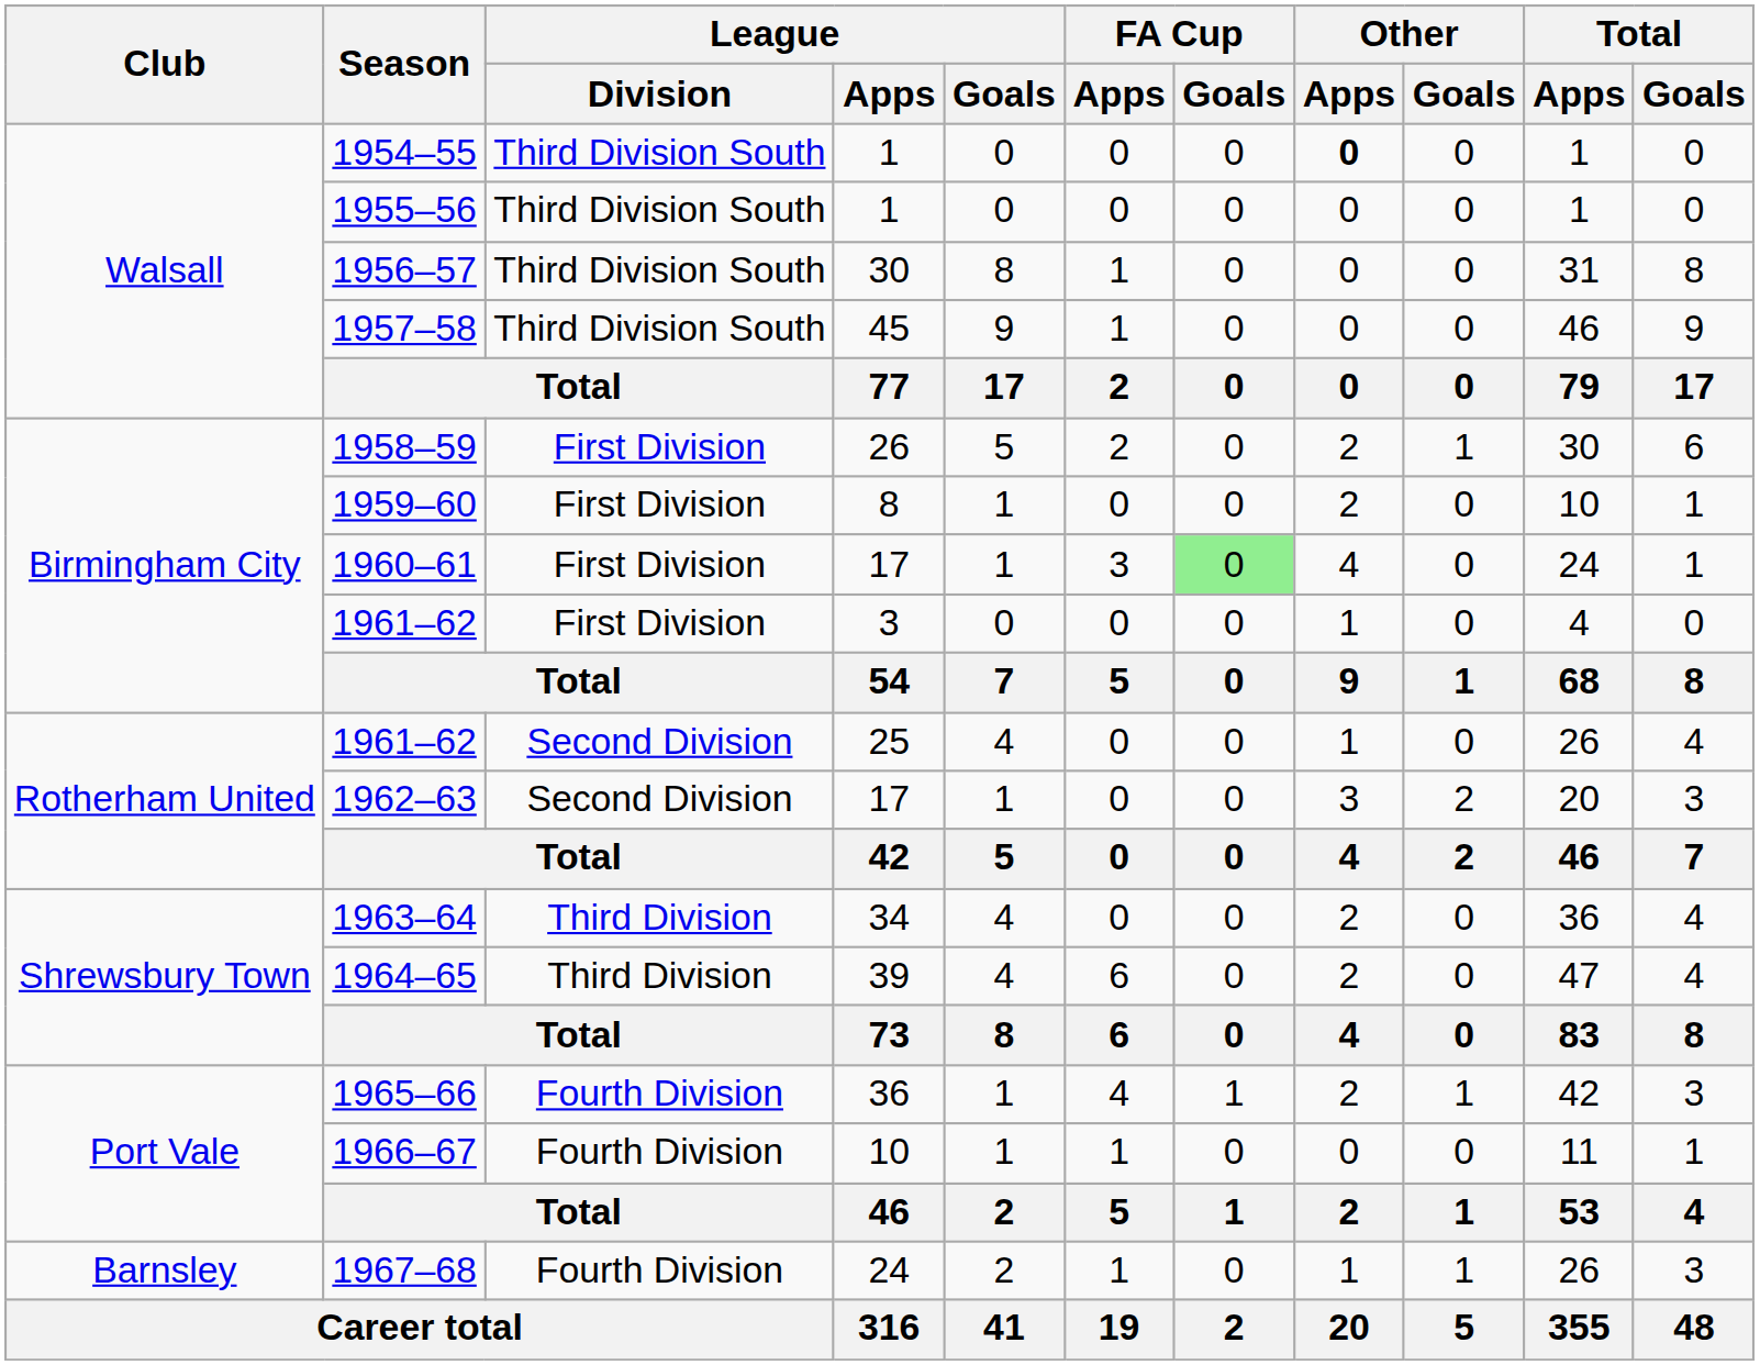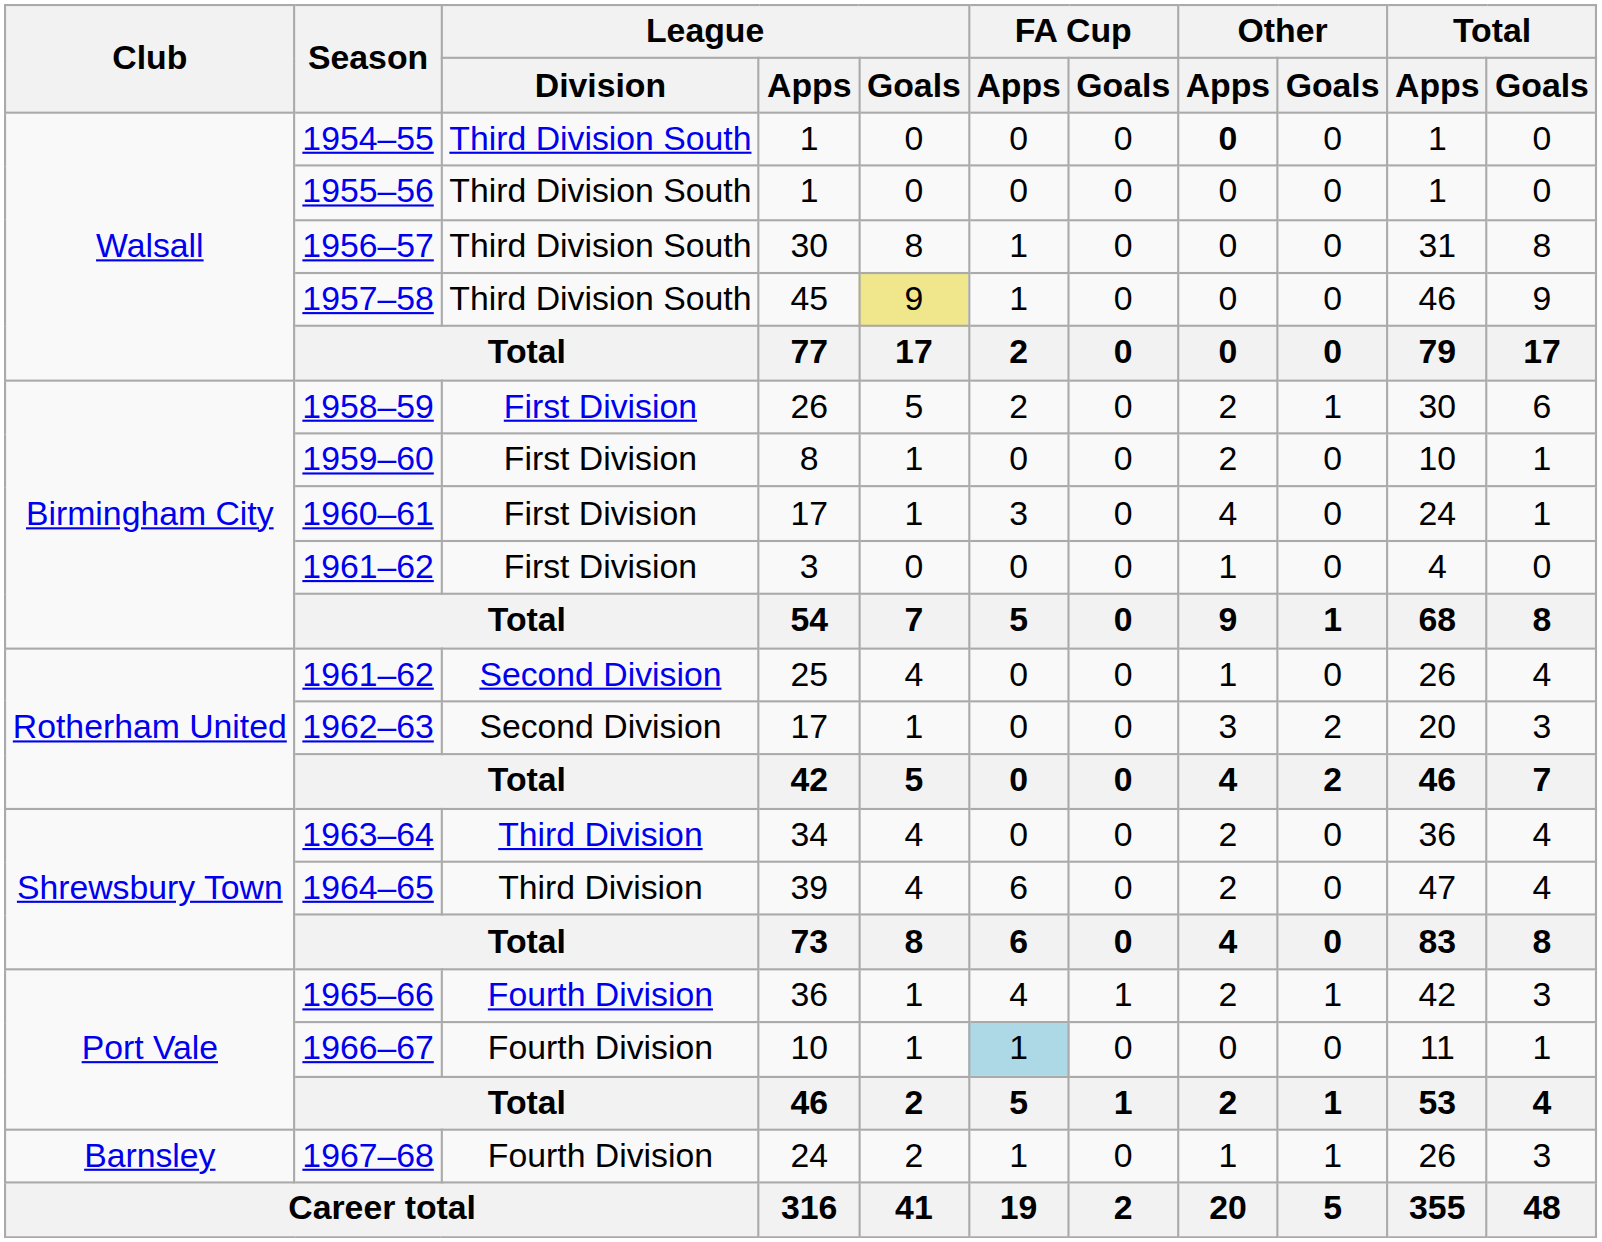 <table class="wikitable" style="text-align: center;">
 <tr>
 <th rowspan="2">Club</th>
 <th rowspan="2">Season</th>
 <th colspan="3">League</th>
 <th colspan="2">FA Cup</th>
 <th colspan="2">Other</th>
 <th colspan="2">Total</th>
 </tr>
 <tr>
 <th>Division</th>
 <th>Apps</th>
 <th>Goals</th>
 <th>Apps</th>
 <th>Goals</th>
 <th>Apps</th>
 <th>Goals</th>
 <th>Apps</th>
 <th>Goals</th>
 </tr>
 <tr>
 <td rowspan="5"><a href='#'>Walsall</a></td>
 <td><a href='#'>1954–55</a></td>
 <td><a href='#'>Third Division South</a></td>
 <td>1</td>
 <td>0</td>
 <td>0</td>
 <td>0</td>
 <td><strong>0</strong></td>
 <td>0</td>
 <td>1</td>
 <td>0</td>
 </tr>
 <tr>
 <td><a href='#'>1955–56</a></td>
 <td>Third Division South</td>
 <td>1</td>
 <td>0</td>
 <td>0</td>
 <td>0</td>
 <td>0</td>
 <td>0</td>
 <td>1</td>
 <td>0</td>
 </tr>
 <tr>
 <td><a href='#'>1956–57</a></td>
 <td>Third Division South</td>
 <td>30</td>
 <td>8</td>
 <td>1</td>
 <td>0</td>
 <td>0</td>
 <td>0</td>
 <td>31</td>
 <td>8</td>
 </tr>
 <tr>
 <td><a href='#'>1957–58</a></td>
 <td>Third Division South</td>
 <td>45</td>
-<td>9</td>
+<td style="background: khaki;">9</td>
 <td>1</td>
 <td>0</td>
 <td>0</td>
 <td>0</td>
 <td>46</td>
 <td>9</td>
 </tr>
 <tr>
 <th colspan="2">Total</th>
 <th>77</th>
 <th>17</th>
 <th>2</th>
 <th>0</th>
 <th>0</th>
 <th>0</th>
 <th>79</th>
 <th>17</th>
 </tr>
 <tr>
 <td rowspan="5"><a href='#'>Birmingham City</a></td>
 <td><a href='#'>1958–59</a></td>
 <td><a href='#'>First Division</a></td>
 <td>26</td>
 <td>5</td>
 <td>2</td>
 <td>0</td>
 <td>2</td>
 <td>1</td>
 <td>30</td>
 <td>6</td>
 </tr>
 <tr>
 <td><a href='#'>1959–60</a></td>
 <td>First Division</td>
 <td>8</td>
 <td>1</td>
 <td>0</td>
 <td>0</td>
 <td>2</td>
 <td>0</td>
 <td>10</td>
 <td>1</td>
 </tr>
 <tr>
 <td><a href='#'>1960–61</a></td>
 <td>First Division</td>
 <td>17</td>
 <td>1</td>
 <td>3</td>
-<td style="background: lightgreen;">0</td>
+<td>0</td>
 <td>4</td>
 <td>0</td>
 <td>24</td>
 <td>1</td>
 </tr>
 <tr>
 <td><a href='#'>1961–62</a></td>
 <td>First Division</td>
 <td>3</td>
 <td>0</td>
 <td>0</td>
 <td>0</td>
 <td>1</td>
 <td>0</td>
 <td>4</td>
 <td>0</td>
 </tr>
 <tr>
 <th colspan="2">Total</th>
 <th>54</th>
 <th>7</th>
 <th>5</th>
 <th>0</th>
 <th>9</th>
 <th>1</th>
 <th>68</th>
 <th>8</th>
 </tr>
 <tr>
 <td rowspan="3"><a href='#'>Rotherham United</a></td>
 <td><a href='#'>1961–62</a></td>
 <td><a href='#'>Second Division</a></td>
 <td>25</td>
 <td>4</td>
 <td>0</td>
 <td>0</td>
 <td>1</td>
 <td>0</td>
 <td>26</td>
 <td>4</td>
 </tr>
 <tr>
 <td><a href='#'>1962–63</a></td>
 <td>Second Division</td>
 <td>17</td>
 <td>1</td>
 <td>0</td>
 <td>0</td>
 <td>3</td>
 <td>2</td>
 <td>20</td>
 <td>3</td>
 </tr>
 <tr>
 <th colspan="2">Total</th>
 <th>42</th>
 <th>5</th>
 <th>0</th>
 <th>0</th>
 <th>4</th>
 <th>2</th>
 <th>46</th>
 <th>7</th>
 </tr>
 <tr>
 <td rowspan="3"><a href='#'>Shrewsbury Town</a></td>
 <td><a href='#'>1963–64</a></td>
 <td><a href='#'>Third Division</a></td>
 <td>34</td>
 <td>4</td>
 <td>0</td>
 <td>0</td>
 <td>2</td>
 <td>0</td>
 <td>36</td>
 <td>4</td>
 </tr>
 <tr>
 <td><a href='#'>1964–65</a></td>
 <td>Third Division</td>
 <td>39</td>
 <td>4</td>
 <td>6</td>
 <td>0</td>
 <td>2</td>
 <td>0</td>
 <td>47</td>
 <td>4</td>
 </tr>
 <tr>
 <th colspan="2">Total</th>
 <th>73</th>
 <th>8</th>
 <th>6</th>
 <th>0</th>
 <th>4</th>
 <th>0</th>
 <th>83</th>
 <th>8</th>
 </tr>
 <tr>
 <td rowspan="3"><a href='#'>Port Vale</a></td>
 <td><a href='#'>1965–66</a></td>
 <td><a href='#'>Fourth Division</a></td>
 <td>36</td>
 <td>1</td>
 <td>4</td>
 <td>1</td>
 <td>2</td>
 <td>1</td>
 <td>42</td>
 <td>3</td>
 </tr>
 <tr>
 <td><a href='#'>1966–67</a></td>
 <td>Fourth Division</td>
 <td>10</td>
 <td>1</td>
-<td>1</td>
+<td style="background: lightblue;">1</td>
 <td>0</td>
 <td>0</td>
 <td>0</td>
 <td>11</td>
 <td>1</td>
 </tr>
 <tr>
 <th colspan="2">Total</th>
 <th>46</th>
 <th>2</th>
 <th>5</th>
 <th>1</th>
 <th>2</th>
 <th>1</th>
 <th>53</th>
 <th>4</th>
 </tr>
 <tr>
 <td><a href='#'>Barnsley</a></td>
 <td><a href='#'>1967–68</a></td>
 <td>Fourth Division</td>
 <td>24</td>
 <td>2</td>
 <td>1</td>
 <td>0</td>
 <td>1</td>
 <td>1</td>
 <td>26</td>
 <td>3</td>
 </tr>
 <tr>
 <th colspan="3">Career total</th>
 <th>316</th>
 <th>41</th>
 <th>19</th>
 <th>2</th>
 <th>20</th>
 <th>5</th>
 <th>355</th>
 <th>48</th>
 </tr>
 </table>
